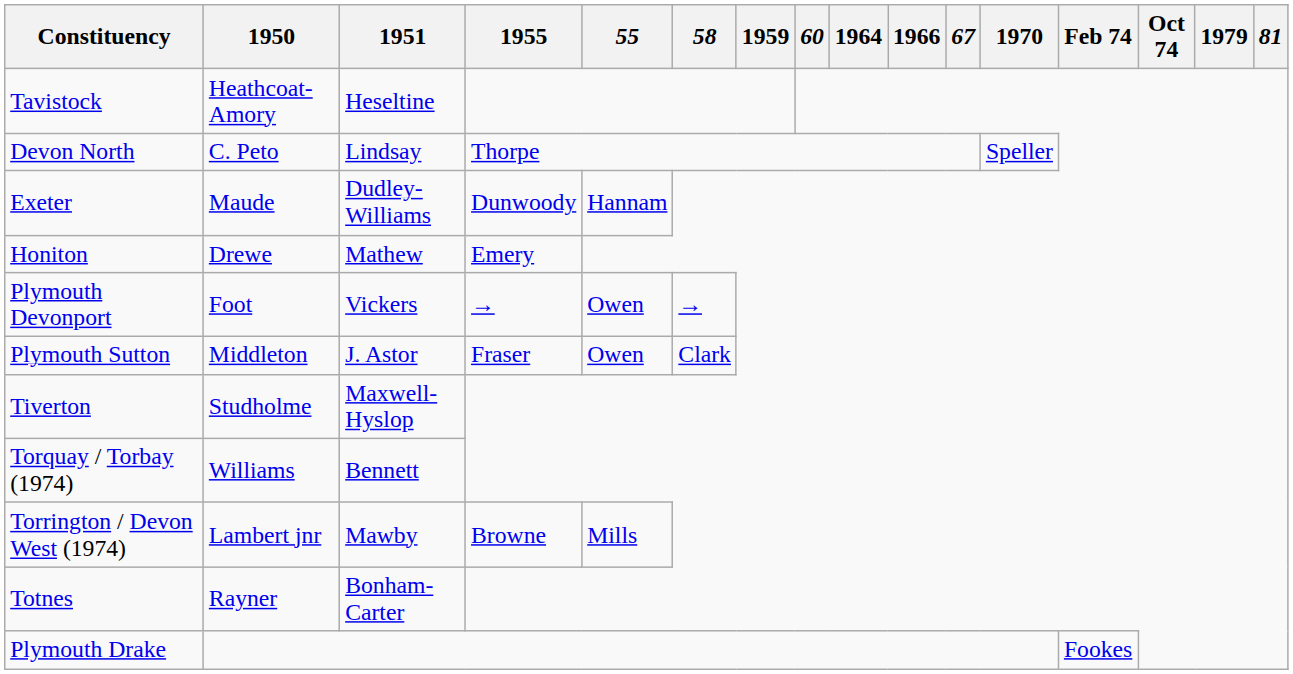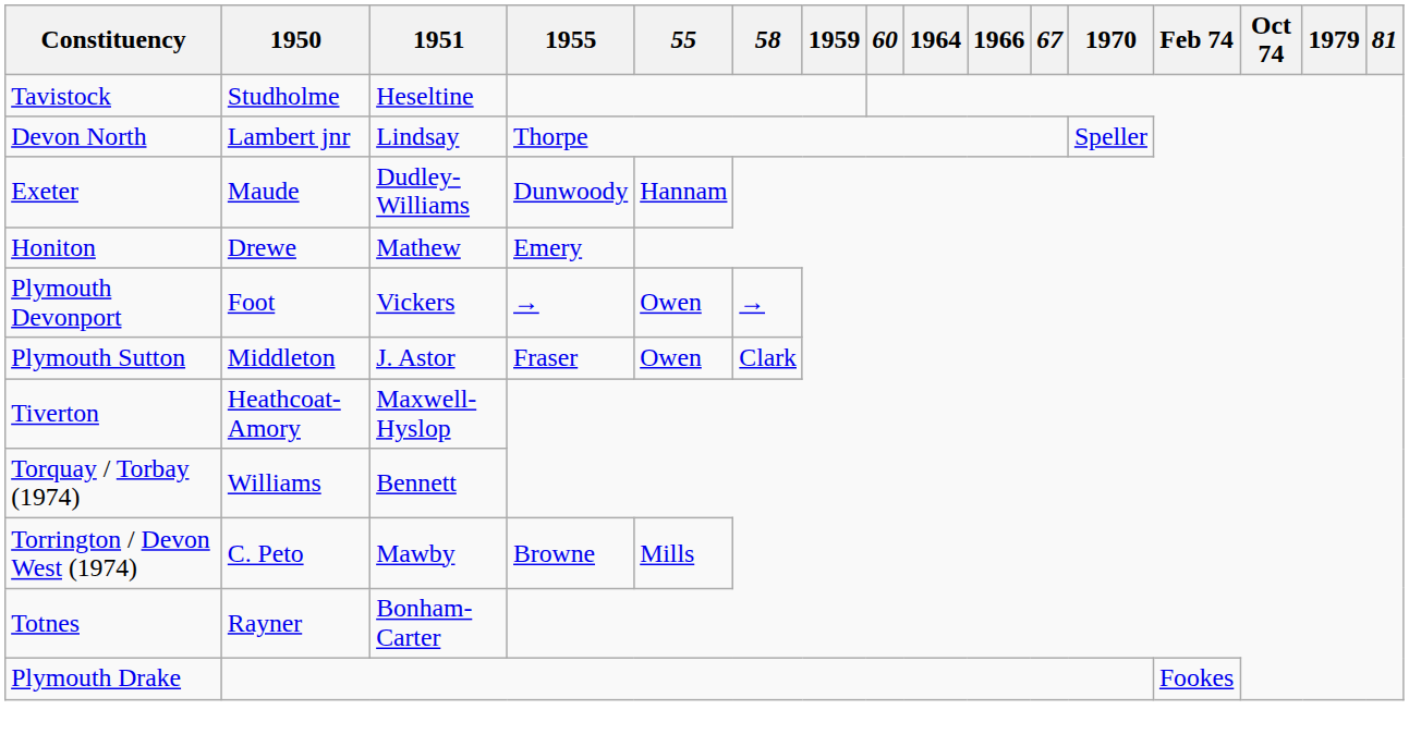 <table class="wikitable">
 <tr>
 <th>Constituency</th>
 <th>1950</th>
 <th>1951</th>
 <th>1955</th>
 <th><em>55</em></th>
 <th><em>58</em></th>
 <th>1959</th>
 <th><em>60</em></th>
 <th>1964</th>
 <th>1966</th>
 <th><em>67</em></th>
 <th>1970</th>
 <th>Feb 74</th>
 <th>Oct 74</th>
 <th>1979</th>
 <th><em>81</em></th>
 </tr>
 <tr>
 <td><a href='#'>Tavistock</a></td>
-<td><a href='#'>Heathcoat-Amory</a></td>
+<td><a href='#'>Studholme</a></td>
 <td><a href='#'>Heseltine</a></td>
 <td colspan="4"></td>
 </tr>
 <tr>
 <td><a href='#'>Devon North</a></td>
-<td><a href='#'>C. Peto</a></td>
+<td><a href='#'>Lambert jnr</a></td>
 <td><a href='#'>Lindsay</a></td>
 <td colspan="8"><a href='#'>Thorpe</a></td>
 <td><a href='#'>Speller</a></td>
 </tr>
 <tr>
 <td><a href='#'>Exeter</a></td>
 <td><a href='#'>Maude</a></td>
 <td><a href='#'>Dudley-Williams</a></td>
 <td><a href='#'>Dunwoody</a></td>
 <td><a href='#'>Hannam</a></td>
 </tr>
 <tr>
 <td><a href='#'>Honiton</a></td>
 <td><a href='#'>Drewe</a></td>
 <td><a href='#'>Mathew</a></td>
 <td><a href='#'>Emery</a></td>
 </tr>
 <tr>
 <td><a href='#'>Plymouth Devonport</a></td>
 <td><a href='#'>Foot</a></td>
 <td><a href='#'>Vickers</a></td>
 <td><a href='#'>→</a></td>
 <td><a href='#'>Owen</a></td>
 <td><a href='#'>→</a></td>
 </tr>
 <tr>
 <td><a href='#'>Plymouth Sutton</a></td>
 <td><a href='#'>Middleton</a></td>
 <td><a href='#'>J. Astor</a></td>
 <td><a href='#'>Fraser</a></td>
 <td><a href='#'>Owen</a></td>
 <td><a href='#'>Clark</a></td>
 </tr>
 <tr>
 <td><a href='#'>Tiverton</a></td>
-<td><a href='#'>Studholme</a></td>
+<td><a href='#'>Heathcoat-Amory</a></td>
 <td><a href='#'>Maxwell-Hyslop</a></td>
 </tr>
 <tr>
 <td><a href='#'>Torquay</a> / <a href='#'>Torbay</a> (1974)</td>
 <td><a href='#'>Williams</a></td>
 <td><a href='#'>Bennett</a></td>
 </tr>
 <tr>
 <td><a href='#'>Torrington</a> / <a href='#'>Devon West</a> (1974)</td>
-<td><a href='#'>Lambert jnr</a></td>
+<td><a href='#'>C. Peto</a></td>
 <td><a href='#'>Mawby</a></td>
 <td><a href='#'>Browne</a></td>
 <td><a href='#'>Mills</a></td>
 </tr>
 <tr>
 <td><a href='#'>Totnes</a></td>
 <td><a href='#'>Rayner</a></td>
 <td><a href='#'>Bonham-Carter</a></td>
 </tr>
 <tr>
 <td><a href='#'>Plymouth Drake</a></td>
 <td colspan="11"></td>
 <td><a href='#'>Fookes</a></td>
 </tr>
 </table>
